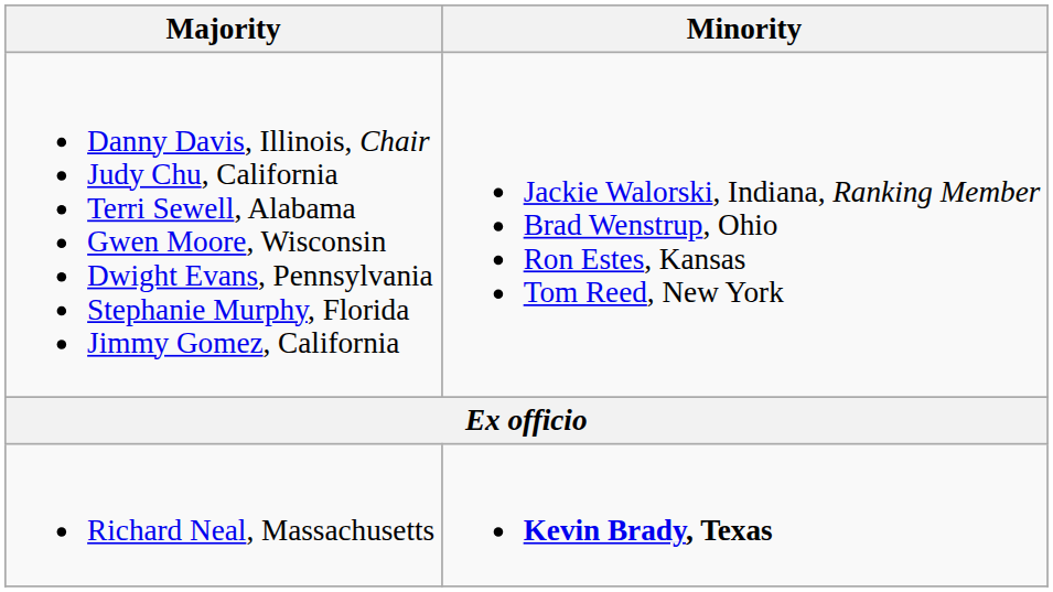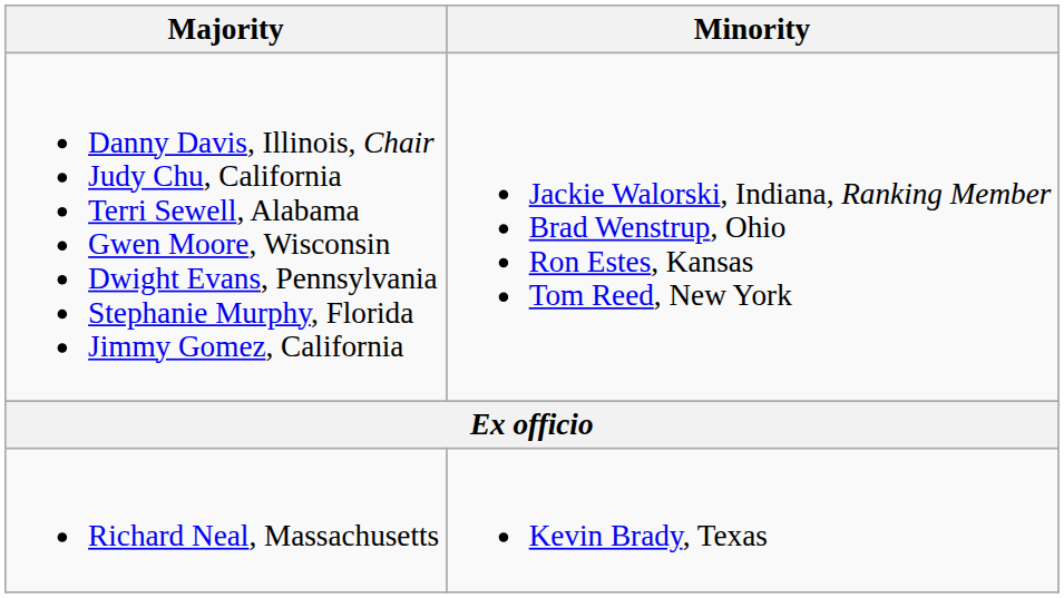 <table class=wikitable>
 <tr>
 <th>Majority</th>
 <th>Minority</th>
 </tr>
 <tr>
 <td><br><ul><li><a href='#'>Danny Davis</a>, Illinois, <em>Chair</em></li><li><a href='#'>Judy Chu</a>, California</li><li><a href='#'>Terri Sewell</a>, Alabama</li><li><a href='#'>Gwen Moore</a>, Wisconsin</li><li><a href='#'>Dwight Evans</a>, Pennsylvania</li><li><a href='#'>Stephanie Murphy</a>, Florida</li><li><a href='#'>Jimmy Gomez</a>, California</li></ul></td>
 <td><br><ul><li><a href='#'>Jackie Walorski</a>, Indiana, <em>Ranking Member</em></li><li><a href='#'>Brad Wenstrup</a>, Ohio</li><li><a href='#'>Ron Estes</a>, Kansas</li><li><a href='#'>Tom Reed</a>, New York</li></ul></td>
 </tr>
 <tr>
 <th colspan=2><em>Ex officio</em></th>
 </tr>
 <tr>
 <td><br><ul><li><a href='#'>Richard Neal</a>, Massachusetts</li></ul></td>
-<td><strong><br><ul><li><a href='#'>Kevin Brady</a>, Texas</li></ul></strong></td>
+<td><br><ul><li><a href='#'>Kevin Brady</a>, Texas</li></ul></td>
 </tr>
 </table>
